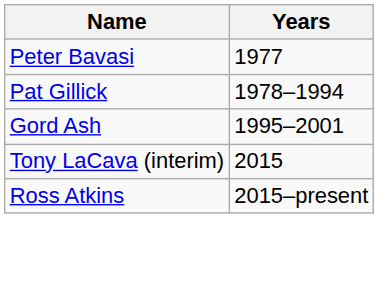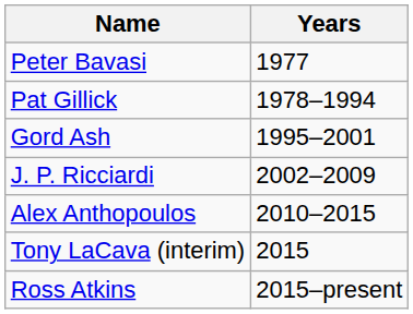 <table class="wikitable">
 <tr>
 <th>Name</th>
 <th>Years</th>
 </tr>
 <tr>
 <td><a href='#'>Peter Bavasi</a></td>
 <td>1977</td>
 </tr>
 <tr>
 <td><a href='#'>Pat Gillick</a></td>
 <td>1978–1994</td>
 </tr>
 <tr>
 <td><a href='#'>Gord Ash</a></td>
 <td>1995–2001</td>
 </tr>
 <tr>
+<td><a href='#'>J. P. Ricciardi</a></td>
+<td>2002–2009</td>
+</tr>
+<tr>
+<td><a href='#'>Alex Anthopoulos</a></td>
+<td>2010–2015</td>
+</tr>
+<tr>
 <td><a href='#'>Tony LaCava</a> (interim)</td>
 <td>2015</td>
 </tr>
 <tr>
 <td><a href='#'>Ross Atkins</a></td>
 <td>2015–present</td>
 </tr>
 </table>
